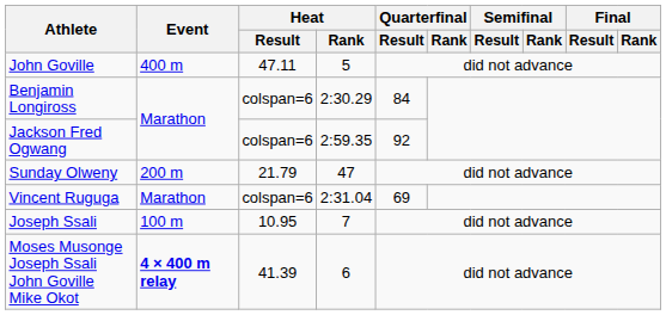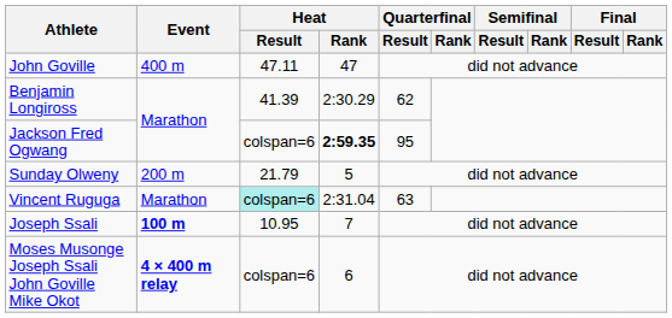 <table class="wikitable" style="font-size:90%">
 <tr>
 <th rowspan="2">Athlete</th>
 <th rowspan="2">Event</th>
 <th colspan="2">Heat</th>
 <th colspan="2">Quarterfinal</th>
 <th colspan="2">Semifinal</th>
 <th colspan="2">Final</th>
 </tr>
 <tr style="font-size:95%">
 <th>Result</th>
 <th>Rank</th>
 <th>Result</th>
 <th>Rank</th>
 <th>Result</th>
 <th>Rank</th>
 <th>Result</th>
 <th>Rank</th>
 </tr>
 <tr align=center>
 <td align=left><a href='#'>John Goville</a></td>
 <td align=left><a href='#'>400 m</a></td>
 <td>47.11</td>
-<td>5</td>
+<td>47</td>
 <td colspan=6>did not advance</td>
 </tr>
 <tr align=center>
 <td align=left><a href='#'>Benjamin Longiross</a></td>
 <td align=left rowspan=2><a href='#'>Marathon</a></td>
-<td>colspan=6 </td>
+<td>41.39</td>
 <td>2:30.29</td>
-<td>84</td>
+<td>62</td>
 </tr>
 <tr align=center>
 <td align=left><a href='#'>Jackson Fred Ogwang</a></td>
 <td>colspan=6 </td>
-<td>2:59.35</td>
-<td>92</td>
+<td><strong>2:59.35</strong></td>
+<td>95</td>
 </tr>
 <tr align=center>
 <td align=left><a href='#'>Sunday Olweny</a></td>
 <td align=left><a href='#'>200 m</a></td>
 <td>21.79</td>
-<td>47</td>
+<td>5</td>
 <td colspan=6>did not advance</td>
 </tr>
 <tr align=center>
 <td align=left><a href='#'>Vincent Ruguga</a></td>
 <td align=left><a href='#'>Marathon</a></td>
-<td>colspan=6 </td>
+<td style="background: paleturquoise;">colspan=6 </td>
 <td>2:31.04</td>
-<td>69</td>
+<td>63</td>
 </tr>
 <tr align=center>
 <td align=left><a href='#'>Joseph Ssali</a></td>
-<td align=left><a href='#'>100 m</a></td>
+<td align=left><strong><a href='#'>100 m</a></strong></td>
 <td>10.95</td>
 <td>7</td>
 <td colspan=6>did not advance</td>
 </tr>
 <tr align=center>
 <td align=left><a href='#'>Moses Musonge</a><br><a href='#'>Joseph Ssali</a><br><a href='#'>John Goville</a><br><a href='#'>Mike Okot</a></td>
 <td align=left><strong><a href='#'>4 × 400 m relay</a></strong></td>
-<td>41.39</td>
+<td>colspan=6 </td>
 <td>6</td>
 <td colspan=6>did not advance</td>
 </tr>
 </table>
